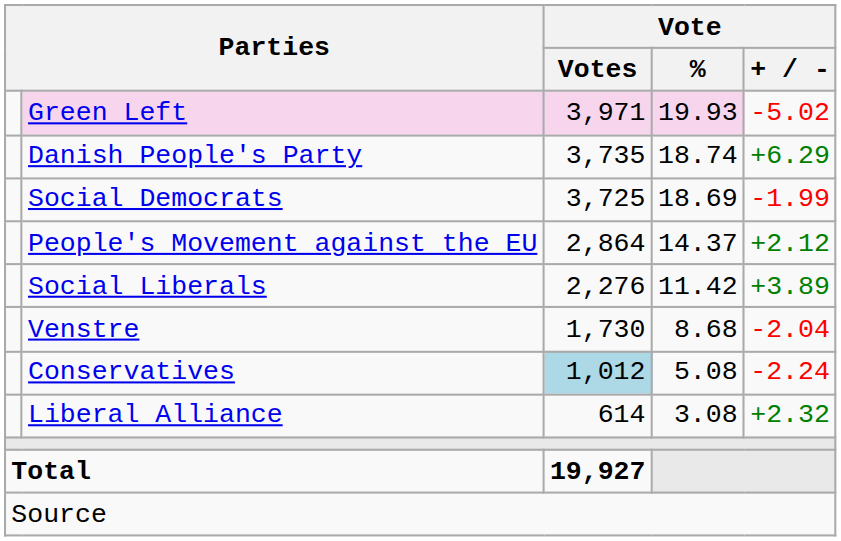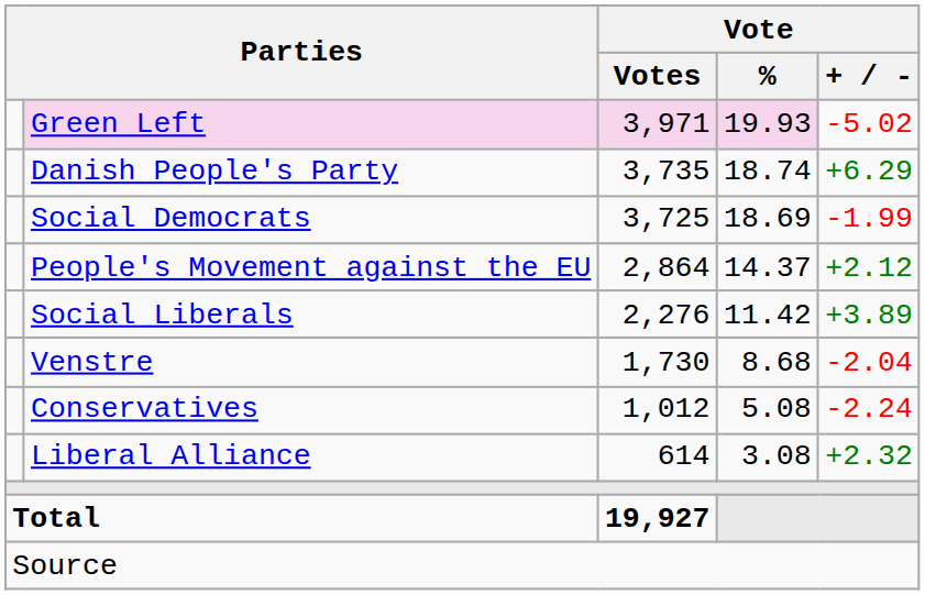 <table class="wikitable" style="text-align:right;">
 <tr>
 <th style="text-align:centre;" rowspan="2" colspan="2" width="225">Parties</th>
 <th colspan="3">Vote</th>
 </tr>
 <tr>
 <th width="15">Votes</th>
 <th width="15">%</th>
 <th width="15">+ / -</th>
 </tr>
 <tr>
 <td width="2" style="color:inherit;background:"></td>
 <td bgcolor=#f7d5ed   align="left"><a href='#'>Green Left</a></td>
 <td bgcolor=#f7d5ed>3,971</td>
 <td bgcolor=#f7d5ed>19.93</td>
 <td style=color:red;>-5.02</td>
 </tr>
 <tr>
 <td width="2" style="color:inherit;background:"></td>
 <td align="left"><a href='#'>Danish People's Party</a></td>
 <td>3,735</td>
 <td>18.74</td>
 <td style=color:green;>+6.29</td>
 </tr>
 <tr>
 <td width="2" style="color:inherit;background:"></td>
 <td align="left"><a href='#'>Social Democrats</a></td>
 <td>3,725</td>
 <td>18.69</td>
 <td style=color:red;>-1.99</td>
 </tr>
 <tr>
 <td width="2" style="color:inherit;background:"></td>
 <td align="left"><a href='#'>People's Movement against the EU</a></td>
 <td>2,864</td>
 <td>14.37</td>
 <td style=color:green;>+2.12</td>
 </tr>
 <tr>
 <td width="2" style="color:inherit;background:"></td>
 <td align="left"><a href='#'>Social Liberals</a></td>
 <td>2,276</td>
 <td>11.42</td>
 <td style=color:green;>+3.89</td>
 </tr>
 <tr>
 <td width="2" style="color:inherit;background:"></td>
 <td align="left"><a href='#'>Venstre</a></td>
 <td>1,730</td>
 <td>8.68</td>
 <td style=color:red;>-2.04</td>
 </tr>
 <tr>
 <td width="2" style="color:inherit;background:"></td>
 <td align="left"><a href='#'>Conservatives</a></td>
-<td style="background: lightblue;">1,012</td>
+<td>1,012</td>
 <td>5.08</td>
 <td style=color:red;>-2.24</td>
 </tr>
 <tr>
 <td width="2" style="color:inherit;background:"></td>
 <td align="left"><a href='#'>Liberal Alliance</a></td>
 <td>614</td>
 <td>3.08</td>
 <td style=color:green;>+2.32</td>
 </tr>
 <tr>
 <td colspan="7" bgcolor="#E9E9E9"></td>
 </tr>
 <tr>
 <td align="left" colspan="2"><strong>Total</strong></td>
 <td><strong>19,927</strong></td>
 <td bgcolor="#E9E9E9" colspan="2"></td>
 </tr>
 <tr>
 <td align="left" colspan="6">Source</td>
 </tr>
 </table>
